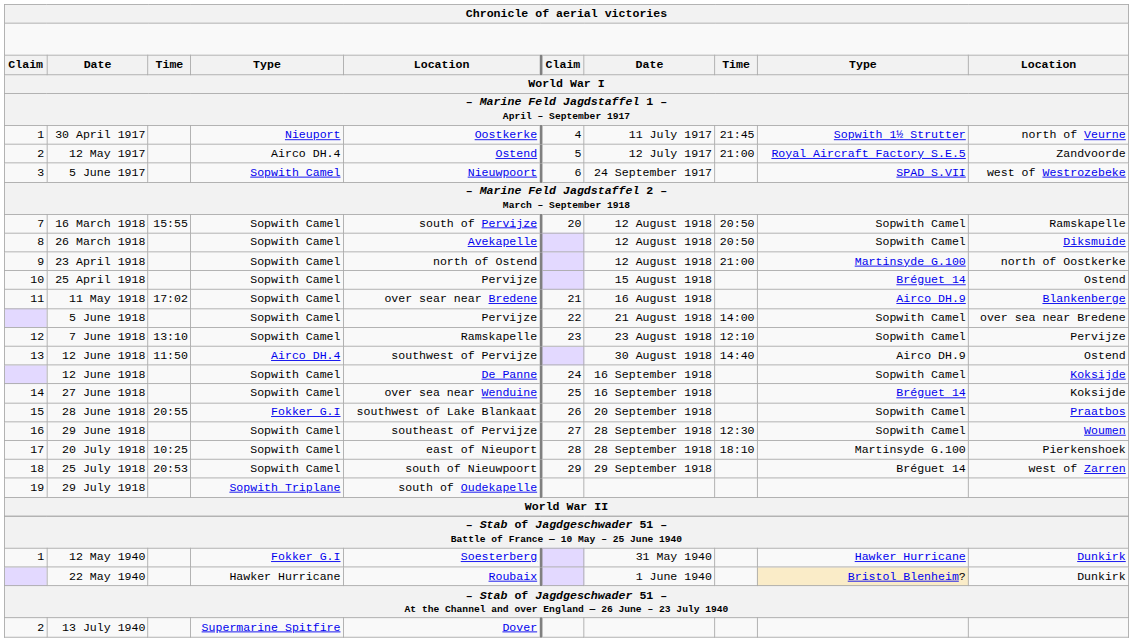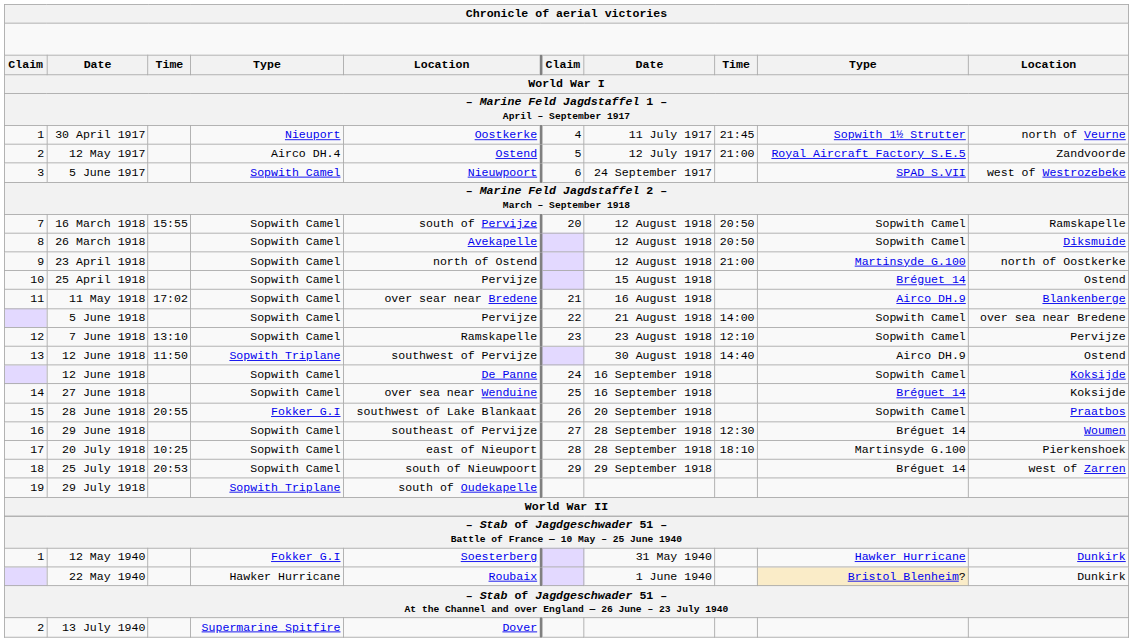 <table class="wikitable plainrowheaders collapsible" style="margin-left: auto; margin-right: auto; border: none; text-align:right; width: 100%;">
 <tr>
 <th colspan="10">Chronicle of aerial victories</th>
 </tr>
 <tr>
 <td colspan="10" style="text-align: left;"><br><br> </td>
 </tr>
 <tr>
 <th scope="col">Claim</th>
 <th scope="col">Date</th>
 <th scope="col">Time</th>
 <th scope="col">Type</th>
 <th scope="col">Location</th>
 <th scope="col" style="border-left: 3px solid grey;">Claim</th>
 <th scope="col">Date</th>
 <th scope="col">Time</th>
 <th scope="col">Type</th>
 <th scope="col">Location</th>
 </tr>
 <tr>
 <th colspan="10">World War I</th>
 </tr>
 <tr>
 <th colspan="10">– <em>Marine Feld Jagdstaffel</em> 1 –<br><small>April – September 1917</small></th>
 </tr>
 <tr>
 <td>1</td>
 <td>30 April 1917</td>
 <td></td>
 <td><a href='#'>Nieuport</a></td>
 <td><a href='#'>Oostkerke</a></td>
 <td style="border-left: 3px solid grey;">4</td>
 <td>11 July 1917</td>
 <td>21:45</td>
 <td><a href='#'>Sopwith 1½ Strutter</a></td>
 <td>north of <a href='#'>Veurne</a></td>
 </tr>
 <tr>
 <td>2</td>
 <td>12 May 1917</td>
 <td></td>
 <td>Airco DH.4</td>
 <td><a href='#'>Ostend</a></td>
 <td style="border-left: 3px solid grey;">5</td>
 <td>12 July 1917</td>
 <td>21:00</td>
 <td><a href='#'>Royal Aircraft Factory S.E.5</a></td>
 <td>Zandvoorde</td>
 </tr>
 <tr>
 <td>3</td>
 <td>5 June 1917</td>
 <td></td>
 <td><a href='#'>Sopwith Camel</a></td>
 <td><a href='#'>Nieuwpoort</a></td>
 <td style="border-left: 3px solid grey;">6</td>
 <td>24 September 1917</td>
 <td></td>
 <td><a href='#'>SPAD S.VII</a></td>
 <td>west of <a href='#'>Westrozebeke</a></td>
 </tr>
 <tr>
 <th colspan="10">– <em>Marine Feld Jagdstaffel</em> 2 –<br><small>March – September 1918</small></th>
 </tr>
 <tr>
 <td>7</td>
 <td>16 March 1918</td>
 <td>15:55</td>
 <td>Sopwith Camel</td>
 <td> south of <a href='#'>Pervijze</a></td>
 <td style="border-left: 3px solid grey;">20</td>
 <td>12 August 1918</td>
 <td>20:50</td>
 <td>Sopwith Camel</td>
 <td>Ramskapelle</td>
 </tr>
 <tr>
 <td>8</td>
 <td>26 March 1918</td>
 <td></td>
 <td>Sopwith Camel</td>
 <td><a href='#'>Avekapelle</a></td>
 <td style="border-left: 3px solid grey; background:#e3d9ff;"></td>
 <td>12 August 1918</td>
 <td>20:50</td>
 <td>Sopwith Camel</td>
 <td><a href='#'>Diksmuide</a></td>
 </tr>
 <tr>
 <td>9</td>
 <td>23 April 1918</td>
 <td></td>
 <td>Sopwith Camel</td>
 <td>north of Ostend</td>
 <td style="border-left: 3px solid grey; background:#e3d9ff;"></td>
 <td>12 August 1918</td>
 <td>21:00</td>
 <td><a href='#'>Martinsyde G.100</a></td>
 <td>north of Oostkerke</td>
 </tr>
 <tr>
 <td>10</td>
 <td>25 April 1918</td>
 <td></td>
 <td>Sopwith Camel</td>
 <td>Pervijze</td>
 <td style="border-left: 3px solid grey; background:#e3d9ff;"></td>
 <td>15 August 1918</td>
 <td></td>
 <td><a href='#'>Bréguet 14</a></td>
 <td>Ostend</td>
 </tr>
 <tr>
 <td>11</td>
 <td>11 May 1918</td>
 <td>17:02</td>
 <td>Sopwith Camel</td>
 <td>over sear near <a href='#'>Bredene</a></td>
 <td style="border-left: 3px solid grey;">21</td>
 <td>16 August 1918</td>
 <td></td>
 <td><a href='#'>Airco DH.9</a></td>
 <td><a href='#'>Blankenberge</a></td>
 </tr>
 <tr>
 <td style="background:#e3d9ff;"></td>
 <td>5 June 1918</td>
 <td></td>
 <td>Sopwith Camel</td>
 <td>Pervijze</td>
 <td style="border-left: 3px solid grey;">22</td>
 <td>21 August 1918</td>
 <td>14:00</td>
 <td>Sopwith Camel</td>
 <td>over sea near Bredene</td>
 </tr>
 <tr>
 <td>12</td>
 <td>7 June 1918</td>
 <td>13:10</td>
 <td>Sopwith Camel</td>
 <td>Ramskapelle</td>
 <td style="border-left: 3px solid grey;">23</td>
 <td>23 August 1918</td>
 <td>12:10</td>
 <td>Sopwith Camel</td>
 <td>Pervijze</td>
 </tr>
 <tr>
 <td>13</td>
 <td>12 June 1918</td>
 <td>11:50</td>
-<td><a href='#'>Airco DH.4</a></td>
+<td><a href='#'>Sopwith Triplane</a></td>
 <td>southwest of Pervijze</td>
 <td style="border-left: 3px solid grey; background:#e3d9ff;"></td>
 <td>30 August 1918</td>
 <td>14:40</td>
 <td>Airco DH.9</td>
 <td>Ostend</td>
 </tr>
 <tr>
 <td style="background:#e3d9ff;"></td>
 <td>12 June 1918</td>
 <td></td>
 <td>Sopwith Camel</td>
 <td><a href='#'>De Panne</a></td>
 <td style="border-left: 3px solid grey;">24</td>
 <td>16 September 1918</td>
 <td></td>
 <td>Sopwith Camel</td>
 <td><a href='#'>Koksijde</a></td>
 </tr>
 <tr>
 <td>14</td>
 <td>27 June 1918</td>
 <td></td>
 <td>Sopwith Camel</td>
 <td>over sea near <a href='#'>Wenduine</a></td>
 <td style="border-left: 3px solid grey;">25</td>
 <td>16 September 1918</td>
 <td></td>
 <td><a href='#'>Bréguet 14</a></td>
 <td>Koksijde</td>
 </tr>
 <tr>
 <td>15</td>
 <td>28 June 1918</td>
 <td>20:55</td>
 <td><a href='#'>Fokker G.I</a></td>
 <td>southwest of Lake Blankaat</td>
 <td style="border-left: 3px solid grey;">26</td>
 <td>20 September 1918</td>
 <td></td>
 <td>Sopwith Camel</td>
 <td><a href='#'>Praatbos</a></td>
 </tr>
 <tr>
 <td>16</td>
 <td>29 June 1918</td>
 <td></td>
 <td>Sopwith Camel</td>
 <td>southeast of Pervijze</td>
 <td style="border-left: 3px solid grey;">27</td>
 <td>28 September 1918</td>
 <td>12:30</td>
-<td>Sopwith Camel</td>
+<td>Bréguet 14</td>
 <td><a href='#'>Woumen</a></td>
 </tr>
 <tr>
 <td>17</td>
 <td>20 July 1918</td>
 <td>10:25</td>
 <td>Sopwith Camel</td>
 <td>east of Nieuport</td>
 <td style="border-left: 3px solid grey;">28</td>
 <td>28 September 1918</td>
 <td>18:10</td>
 <td>Martinsyde G.100</td>
 <td>Pierkenshoek</td>
 </tr>
 <tr>
 <td>18</td>
 <td>25 July 1918</td>
 <td>20:53</td>
 <td>Sopwith Camel</td>
 <td>south of Nieuwpoort</td>
 <td style="border-left: 3px solid grey;">29</td>
 <td>29 September 1918</td>
 <td></td>
 <td>Bréguet 14</td>
 <td>west of <a href='#'>Zarren</a></td>
 </tr>
 <tr>
 <td>19</td>
 <td>29 July 1918</td>
 <td></td>
 <td><a href='#'>Sopwith Triplane</a></td>
 <td>south of <a href='#'>Oudekapelle</a></td>
 <td style="border-left: 3px solid grey;"></td>
 <td></td>
 <td></td>
 <td></td>
 <td></td>
 </tr>
 <tr>
 <th colspan="10">World War II</th>
 </tr>
 <tr>
 </tr>
 <tr>
 <th colspan="10">– <em>Stab</em> of <em>Jagdgeschwader</em> 51 –<br><small>Battle of France — 10 May – 25 June 1940</small></th>
 </tr>
 <tr>
 <td>1</td>
 <td>12 May 1940</td>
 <td></td>
 <td><a href='#'>Fokker G.I</a></td>
 <td><a href='#'>Soesterberg</a></td>
 <td style="border-left: 3px solid grey; background:#e3d9ff;"></td>
 <td>31 May 1940</td>
 <td></td>
 <td><a href='#'>Hawker Hurricane</a></td>
 <td><a href='#'>Dunkirk</a></td>
 </tr>
 <tr>
 <td style="background:#e3d9ff;"></td>
 <td>22 May 1940</td>
 <td></td>
 <td>Hawker Hurricane</td>
 <td><a href='#'>Roubaix</a></td>
 <td style="border-left: 3px solid grey; background:#e3d9ff;"></td>
 <td>1 June 1940</td>
 <td></td>
 <td style="background:#faecc8"><a href='#'>Bristol Blenheim</a>?</td>
 <td>Dunkirk</td>
 </tr>
 <tr>
 <th colspan="10">– <em>Stab</em> of <em>Jagdgeschwader</em> 51 –<br><small>At the Channel and over England — 26 June – 23 July 1940</small></th>
 </tr>
 <tr>
 <td>2</td>
 <td>13 July 1940</td>
 <td></td>
 <td><a href='#'>Supermarine Spitfire</a></td>
 <td><a href='#'>Dover</a></td>
 <td style="border-left: 3px solid grey;"></td>
 <td></td>
 <td></td>
 <td></td>
 <td></td>
 </tr>
 </table>
